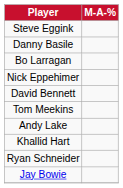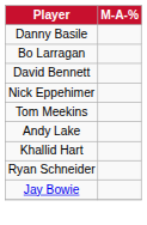 <table class="wikitable sortable" style="text-align:center">
 <tr>
 <th style="background:#C8102E; color:#FFFFFF;">Player</th>
 <th style="background:#C8102E; color:#FFFFFF;">M-A-%</th>
-</tr>
-<tr>
-<td>Steve Eggink</td>
-<td></td>
 </tr>
 <tr>
 <td>Danny Basile</td>
 <td></td>
 </tr>
 <tr>
 <td>Bo Larragan</td>
 <td></td>
 </tr>
 <tr>
-<td>Nick Eppehimer</td>
+<td>David Bennett</td>
 <td></td>
 </tr>
 <tr>
-<td>David Bennett</td>
+<td>Nick Eppehimer</td>
 <td></td>
 </tr>
 <tr>
 <td>Tom Meekins</td>
 <td></td>
 </tr>
 <tr>
 <td>Andy Lake</td>
 <td></td>
 </tr>
 <tr>
 <td>Khallid Hart</td>
 <td></td>
 </tr>
 <tr>
 <td>Ryan Schneider</td>
 <td></td>
 </tr>
 <tr>
 <td><a href='#'>Jay Bowie</a></td>
 <td></td>
 </tr>
 <tr>
 </tr>
 </table>
